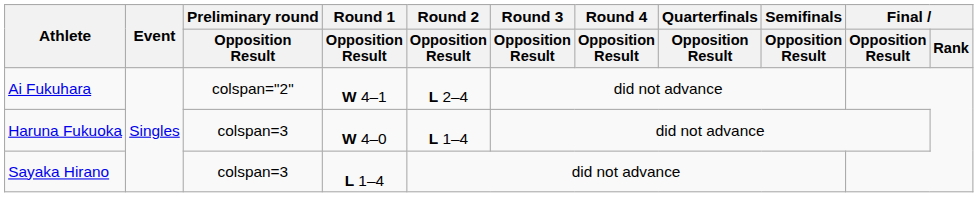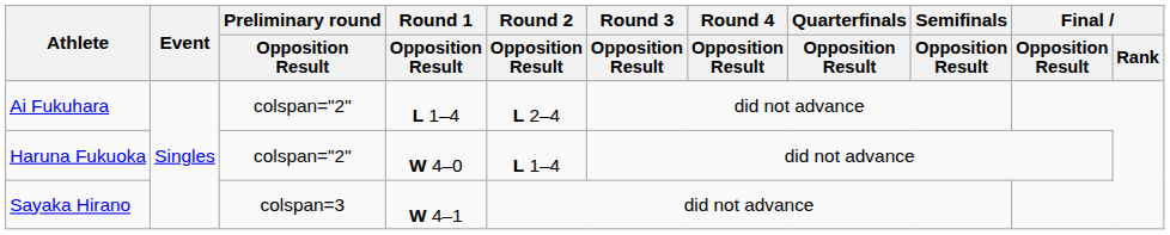 <table class="wikitable" style="font-size:90%;">
 <tr>
 <th rowspan="2">Athlete</th>
 <th rowspan="2">Event</th>
 <th>Preliminary round</th>
 <th>Round 1</th>
 <th>Round 2</th>
 <th>Round 3</th>
 <th>Round 4</th>
 <th>Quarterfinals</th>
 <th>Semifinals</th>
 <th colspan=2>Final / </th>
 </tr>
 <tr style="font-size:95%">
 <th>Opposition<br>Result</th>
 <th>Opposition<br>Result</th>
 <th>Opposition<br>Result</th>
 <th>Opposition<br>Result</th>
 <th>Opposition<br>Result</th>
 <th>Opposition<br>Result</th>
 <th>Opposition<br>Result</th>
 <th>Opposition<br>Result</th>
 <th>Rank</th>
 </tr>
 <tr align=center>
 <td align=left><a href='#'>Ai Fukuhara</a></td>
 <td align=left rowspan=3><a href='#'>Singles</a></td>
 <td>colspan="2" </td>
-<td><br><strong>W</strong> 4–1</td>
+<td><br><strong>L</strong> 1–4</td>
 <td><br><strong>L</strong> 2–4</td>
 <td colspan=4>did not advance</td>
 </tr>
 <tr align=center>
 <td align=left><a href='#'>Haruna Fukuoka</a></td>
-<td>colspan=3 </td>
+<td>colspan="2" </td>
 <td><br><strong>W</strong> 4–0</td>
 <td><br><strong>L</strong> 1–4</td>
 <td colspan=5>did not advance</td>
 </tr>
 <tr align=center>
 <td align=left><a href='#'>Sayaka Hirano</a></td>
 <td>colspan=3 </td>
-<td><br><strong>L</strong> 1–4</td>
+<td><br><strong>W</strong> 4–1</td>
 <td colspan=5>did not advance</td>
 </tr>
 </table>
